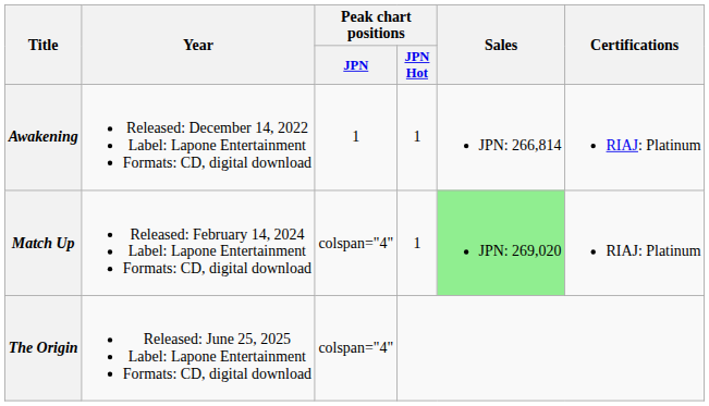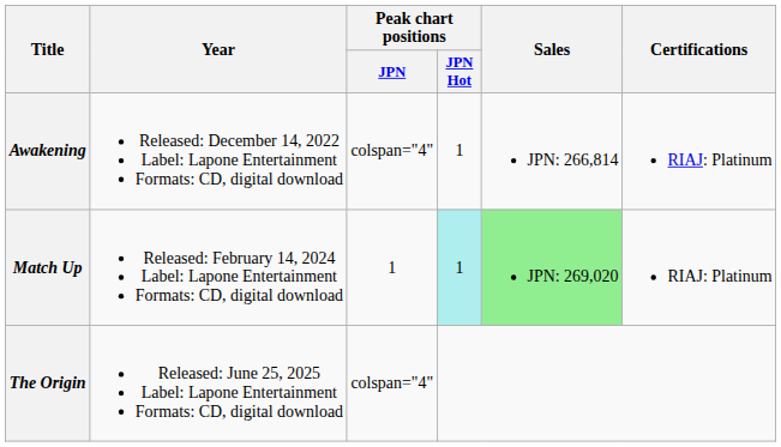 <table class="wikitable plainrowheaders" style="text-align:center;">
 <tr>
 <th scope="col" rowspan="2">Title</th>
 <th scope="col" rowspan="2">Year</th>
 <th colspan="2" scope="col">Peak chart positions</th>
 <th scope="col" rowspan="2">Sales</th>
 <th rowspan="2">Certifications</th>
 </tr>
 <tr>
 <th scope="col" style="width:2.5em;font-size:90%;"><a href='#'>JPN</a><br></th>
 <th scope="col" style="width:2.5em;font-size:90%;"><a href='#'>JPN<br>Hot</a><br></th>
 </tr>
 <tr>
 <th scope="row"><em>Awakening</em></th>
 <td><br><ul><li>Released: December 14, 2022</li><li>Label: Lapone Entertainment</li><li>Formats: CD, digital download</li></ul></td>
-<td>1</td>
+<td>colspan="4" </td>
 <td>1</td>
 <td><br><ul><li>JPN: 266,814 </li></ul></td>
 <td><br><ul><li><a href='#'>RIAJ</a>: Platinum </li></ul></td>
 </tr>
 <tr>
 <th scope="row"><em>Match Up</em></th>
 <td><br><ul><li>Released: February 14, 2024</li><li>Label: Lapone Entertainment</li><li>Formats: CD, digital download</li></ul></td>
-<td>colspan="4" </td>
 <td>1</td>
+<td style="background: paleturquoise;">1</td>
 <td style="background: lightgreen;"><br><ul><li>JPN: 269,020 </li></ul></td>
 <td><br><ul><li>RIAJ: Platinum </li></ul></td>
 </tr>
 <tr>
 <th scope="row"><em>The Origin</em></th>
 <td><br><ul><li>Released: June 25, 2025</li><li>Label: Lapone Entertainment</li><li>Formats: CD, digital download</li></ul></td>
 <td>colspan="4" </td>
 </tr>
 </table>
